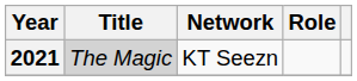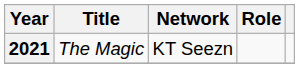 <table class="wikitable sortable plainrowheaders">
 <tr>
 <th scope="col">Year</th>
 <th scope="col">Title</th>
 <th scope="col">Network</th>
 <th scope="col">Role</th>
 <th scope="col" class="unsortable"></th>
 </tr>
 <tr>
 <th scope="row">2021</th>
-<td style="background: lightgrey;"><em>The Magic</em></td>
+<td><em>The Magic</em></td>
 <td>KT Seezn</td>
 <td></td>
 <td></td>
 </tr>
 <tr>
 </tr>
 </table>
